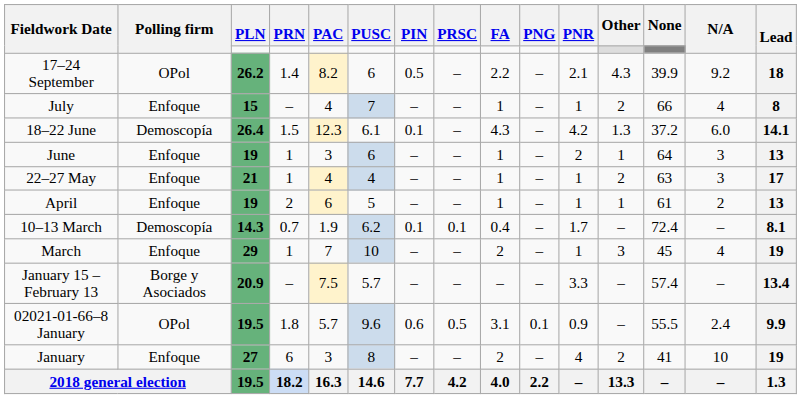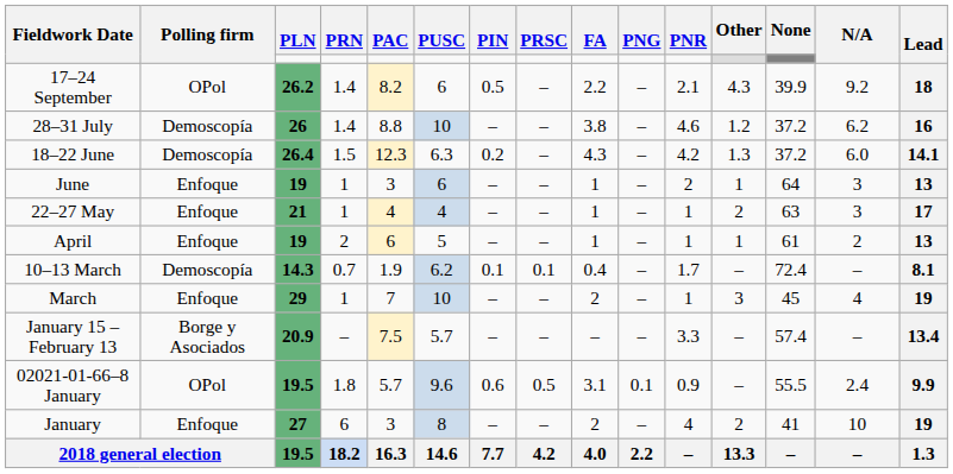 <table class="wikitable mw-collapsible" style="text-align:center; font-size:90%; line-height:16px">
 <tr>
 <th style="width:100px;" rowspan="2" class="unsortable">Fieldwork Date</th>
 <th style="width:100px;" rowspan="2">Polling firm</th>
 <th style="width:30px;"><br><a href='#'>PLN</a></th>
 <th style="width:30px;"><br><a href='#'>PRN</a></th>
 <th style="width:30px;"><br><a href='#'>PAC</a></th>
 <th style="width:30px;"><br><a href='#'>PUSC</a></th>
 <th style="width:30px;"><br><a href='#'>PIN</a></th>
 <th style="width:30px;"><br><a href='#'>PRSC</a></th>
 <th style="width:30px;"><br><a href='#'>FA</a></th>
 <th style="width:30px;"><br><a href='#'>PNG</a></th>
 <th style="width:30px;"><br><a href='#'>PNR</a></th>
 <th>Other</th>
 <th>None</th>
 <th style="width:60px;" rowspan="2">N/A</th>
 <th rowspan="2"><br>Lead</th>
 </tr>
 <tr>
 <td></td>
 <td></td>
 <td></td>
 <td></td>
 <td></td>
 <td></td>
 <td></td>
 <td></td>
 <td></td>
 <td style="color:inherit;background:#dddddd"></td>
 <td bgcolor="#808080"></td>
 </tr>
 <tr>
 <td>17–24 September</td>
 <td>OPol</td>
 <td style="background:#66B27B"><strong>26.2</strong></td>
 <td>1.4</td>
 <td style="background:#FFF3CC">8.2</td>
 <td>6</td>
 <td>0.5</td>
 <td>–</td>
 <td>2.2</td>
 <td>–</td>
 <td>2.1</td>
 <td>4.3</td>
 <td>39.9</td>
 <td>9.2</td>
 <th style="background:">18</th>
 </tr>
 <tr>
-<td>July</td>
-<td>Enfoque</td>
-<td style="background:#66B27B;"><strong>15</strong></td>
-<td>–</td>
-<td>4</td>
-<td style="background:#CCDCEC">7</td>
+<td>28–31 July</td>
+<td>Demoscopía</td>
+<td style="background:#66B27B"><strong>26</strong></td>
+<td>1.4</td>
+<td>8.8</td>
+<td style="background:#CCDCEC">10</td>
 <td>–</td>
 <td>–</td>
-<td>1</td>
+<td>3.8</td>
 <td>–</td>
-<td>1</td>
-<td>2</td>
-<td>66</td>
-<td>4</td>
-<th style="background:">8</th>
+<td>4.6</td>
+<td>1.2</td>
+<td>37.2</td>
+<td>6.2</td>
+<th style="background:">16</th>
 </tr>
 <tr>
 <td>18–22 June</td>
 <td>Demoscopía</td>
 <td style="background:#66B27B;"><strong>26.4</strong></td>
 <td>1.5</td>
 <td style="background:#FFF3CC">12.3</td>
-<td>6.1</td>
-<td>0.1</td>
+<td>6.3</td>
+<td>0.2</td>
 <td>–</td>
 <td>4.3</td>
 <td>–</td>
 <td>4.2</td>
 <td>1.3</td>
 <td>37.2</td>
 <td>6.0</td>
 <th style="background:">14.1</th>
 </tr>
 <tr>
 <td>June</td>
 <td>Enfoque</td>
 <td style="background:#66B27B;"><strong>19</strong></td>
 <td>1</td>
 <td>3</td>
 <td style="background:#CCDCEC">6</td>
 <td>–</td>
 <td>–</td>
 <td>1</td>
 <td>–</td>
 <td>2</td>
 <td>1</td>
 <td>64</td>
 <td>3</td>
 <th style="background:">13</th>
 </tr>
 <tr>
 <td>22–27 May</td>
 <td>Enfoque</td>
 <td style="background:#66B27B;"><strong>21</strong></td>
 <td>1</td>
 <td style="background:#FFF3CC">4</td>
 <td style="background:#CCDCEC">4</td>
 <td>–</td>
 <td>–</td>
 <td>1</td>
 <td>–</td>
 <td>1</td>
 <td>2</td>
 <td>63</td>
 <td>3</td>
 <th style="background:">17</th>
 </tr>
 <tr>
 <td>April</td>
 <td>Enfoque</td>
 <td style="background:#66B27B;"><strong>19</strong></td>
 <td>2</td>
 <td style="background:#FFF3CC">6</td>
 <td>5</td>
 <td>–</td>
 <td>–</td>
 <td>1</td>
 <td>–</td>
 <td>1</td>
 <td>1</td>
 <td>61</td>
 <td>2</td>
 <th style="background:">13</th>
 </tr>
 <tr>
 <td>10–13 March</td>
 <td>Demoscopía</td>
 <td style="background:#66B27B;"><strong>14.3</strong></td>
 <td>0.7</td>
 <td>1.9</td>
 <td style="background:#CCDCEC">6.2</td>
 <td>0.1</td>
 <td>0.1</td>
 <td>0.4</td>
 <td>–</td>
 <td>1.7</td>
 <td>–</td>
 <td>72.4</td>
 <td>–</td>
 <th style="background:">8.1</th>
 </tr>
 <tr>
 <td>March</td>
 <td>Enfoque</td>
 <td style="background:#66B27B;"><strong>29</strong></td>
 <td>1</td>
 <td>7</td>
 <td style="background:#CCDCEC">10</td>
 <td>–</td>
 <td>–</td>
 <td>2</td>
 <td>–</td>
 <td>1</td>
 <td>3</td>
 <td>45</td>
 <td>4</td>
 <th style="background:">19</th>
 </tr>
 <tr>
 <td>January 15 – February 13</td>
 <td>Borge y Asociados</td>
 <td style="background:#66B27B;"><strong>20.9</strong></td>
 <td>–</td>
 <td style="background:#FFF3CC">7.5</td>
 <td>5.7</td>
 <td>–</td>
 <td>–</td>
 <td>–</td>
 <td>–</td>
 <td>3.3</td>
 <td>–</td>
 <td>57.4</td>
 <td>–</td>
 <th style="background:">13.4</th>
 </tr>
 <tr>
 <td><span>02021-01-6</span>6–8 January</td>
 <td>OPol</td>
 <td style="background:#66B27B;"><strong>19.5</strong></td>
 <td>1.8</td>
 <td>5.7</td>
 <td style="background:#CCDCEC">9.6</td>
 <td>0.6</td>
 <td>0.5</td>
 <td>3.1</td>
 <td>0.1</td>
 <td>0.9</td>
 <td>–</td>
 <td>55.5</td>
 <td>2.4</td>
 <th style="background:">9.9</th>
 </tr>
 <tr>
 <td>January</td>
 <td>Enfoque</td>
 <td style="background:#66B27B;"><strong>27</strong></td>
 <td>6</td>
 <td>3</td>
 <td style="background:#CCDCEC">8</td>
 <td>–</td>
 <td>–</td>
 <td>2</td>
 <td>–</td>
 <td>4</td>
 <td>2</td>
 <td>41</td>
 <td>10</td>
 <th style="background:">19</th>
 </tr>
 <tr>
 <th colspan="2"><a href='#'>2018 general election</a></th>
 <th style="background:#66B27B;">19.5</th>
 <th style="background:#CCDDF5;">18.2</th>
 <th>16.3</th>
 <th>14.6</th>
 <th>7.7</th>
 <th>4.2</th>
 <th>4.0</th>
 <th>2.2</th>
 <th>–</th>
 <th>13.3</th>
 <th>–</th>
 <th>–</th>
 <th style="background:">1.3</th>
 </tr>
 </table>
